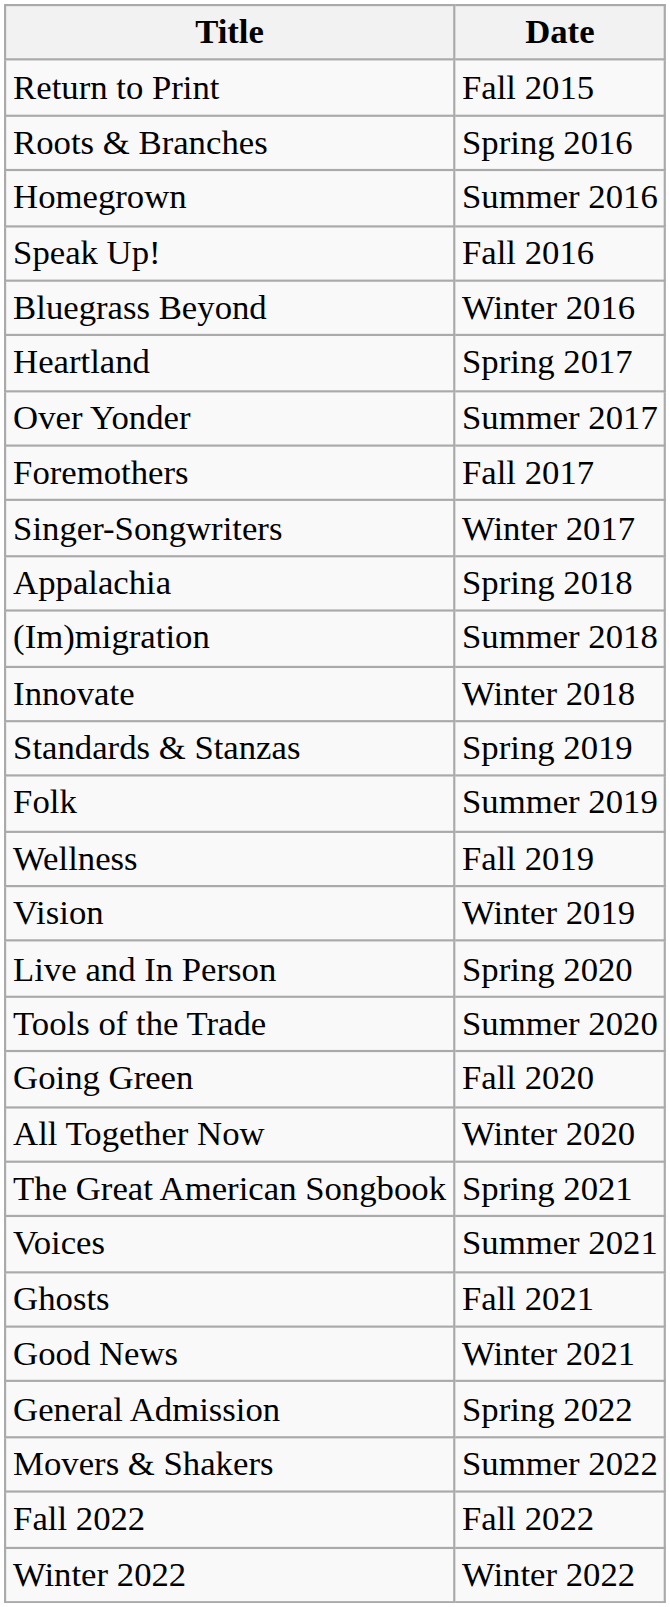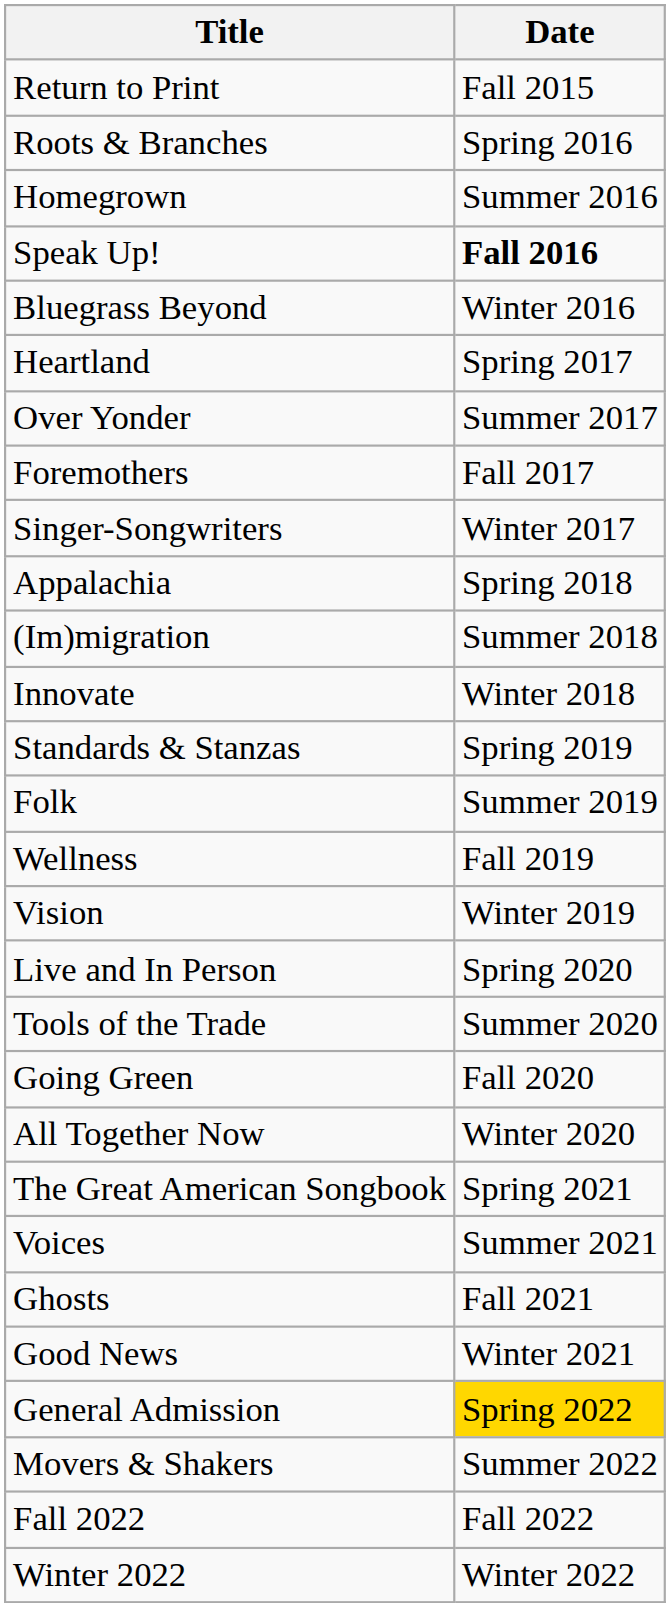 <table class="wikitable">
 <tr>
 <th>Title</th>
 <th>Date</th>
 </tr>
 <tr>
 <td>Return to Print</td>
 <td>Fall 2015</td>
 </tr>
 <tr>
 <td>Roots & Branches</td>
 <td>Spring 2016</td>
 </tr>
 <tr>
 <td>Homegrown</td>
 <td>Summer 2016</td>
 </tr>
 <tr>
 <td>Speak Up!</td>
-<td>Fall 2016</td>
+<td><strong>Fall 2016</strong></td>
 </tr>
 <tr>
 <td>Bluegrass Beyond</td>
 <td>Winter 2016</td>
 </tr>
 <tr>
 <td>Heartland</td>
 <td>Spring 2017</td>
 </tr>
 <tr>
 <td>Over Yonder</td>
 <td>Summer 2017</td>
 </tr>
 <tr>
 <td>Foremothers</td>
 <td>Fall 2017</td>
 </tr>
 <tr>
 <td>Singer-Songwriters</td>
 <td>Winter 2017</td>
 </tr>
 <tr>
 <td>Appalachia</td>
 <td>Spring 2018</td>
 </tr>
 <tr>
 <td>(Im)migration</td>
 <td>Summer 2018</td>
 </tr>
 <tr>
 <td>Innovate</td>
 <td>Winter 2018</td>
 </tr>
 <tr>
 <td>Standards & Stanzas</td>
 <td>Spring 2019</td>
 </tr>
 <tr>
 <td>Folk</td>
 <td>Summer 2019</td>
 </tr>
 <tr>
 <td>Wellness</td>
 <td>Fall 2019</td>
 </tr>
 <tr>
 <td>Vision</td>
 <td>Winter 2019</td>
 </tr>
 <tr>
 <td>Live and In Person</td>
 <td>Spring 2020</td>
 </tr>
 <tr>
 <td>Tools of the Trade</td>
 <td>Summer 2020</td>
 </tr>
 <tr>
 <td>Going Green</td>
 <td>Fall 2020</td>
 </tr>
 <tr>
 <td>All Together Now</td>
 <td>Winter 2020</td>
 </tr>
 <tr>
 <td>The Great American Songbook</td>
 <td>Spring 2021</td>
 </tr>
 <tr>
 <td>Voices</td>
 <td>Summer 2021</td>
 </tr>
 <tr>
 <td>Ghosts</td>
 <td>Fall 2021</td>
 </tr>
 <tr>
 <td>Good News</td>
 <td>Winter 2021</td>
 </tr>
 <tr>
 <td>General Admission</td>
-<td>Spring 2022</td>
+<td style="background: gold;">Spring 2022</td>
 </tr>
 <tr>
 <td>Movers & Shakers</td>
 <td>Summer 2022</td>
 </tr>
 <tr>
 <td>Fall 2022</td>
 <td>Fall 2022</td>
 </tr>
 <tr>
 <td>Winter 2022</td>
 <td>Winter 2022</td>
 </tr>
 </table>
